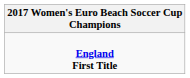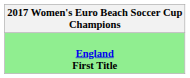 <table class="wikitable" style="margin: 0 auto;">
 <tr>
 <th>2017 Women's Euro Beach Soccer Cup<br>Champions</th>
 </tr>
 <tr>
-<td align=center><br><strong><a href='#'>England</a></strong><br><strong>First Title</strong></td>
+<td align=center style="background: lightgreen;"><br><strong><a href='#'>England</a></strong><br><strong>First Title</strong></td>
 </tr>
 </table>
